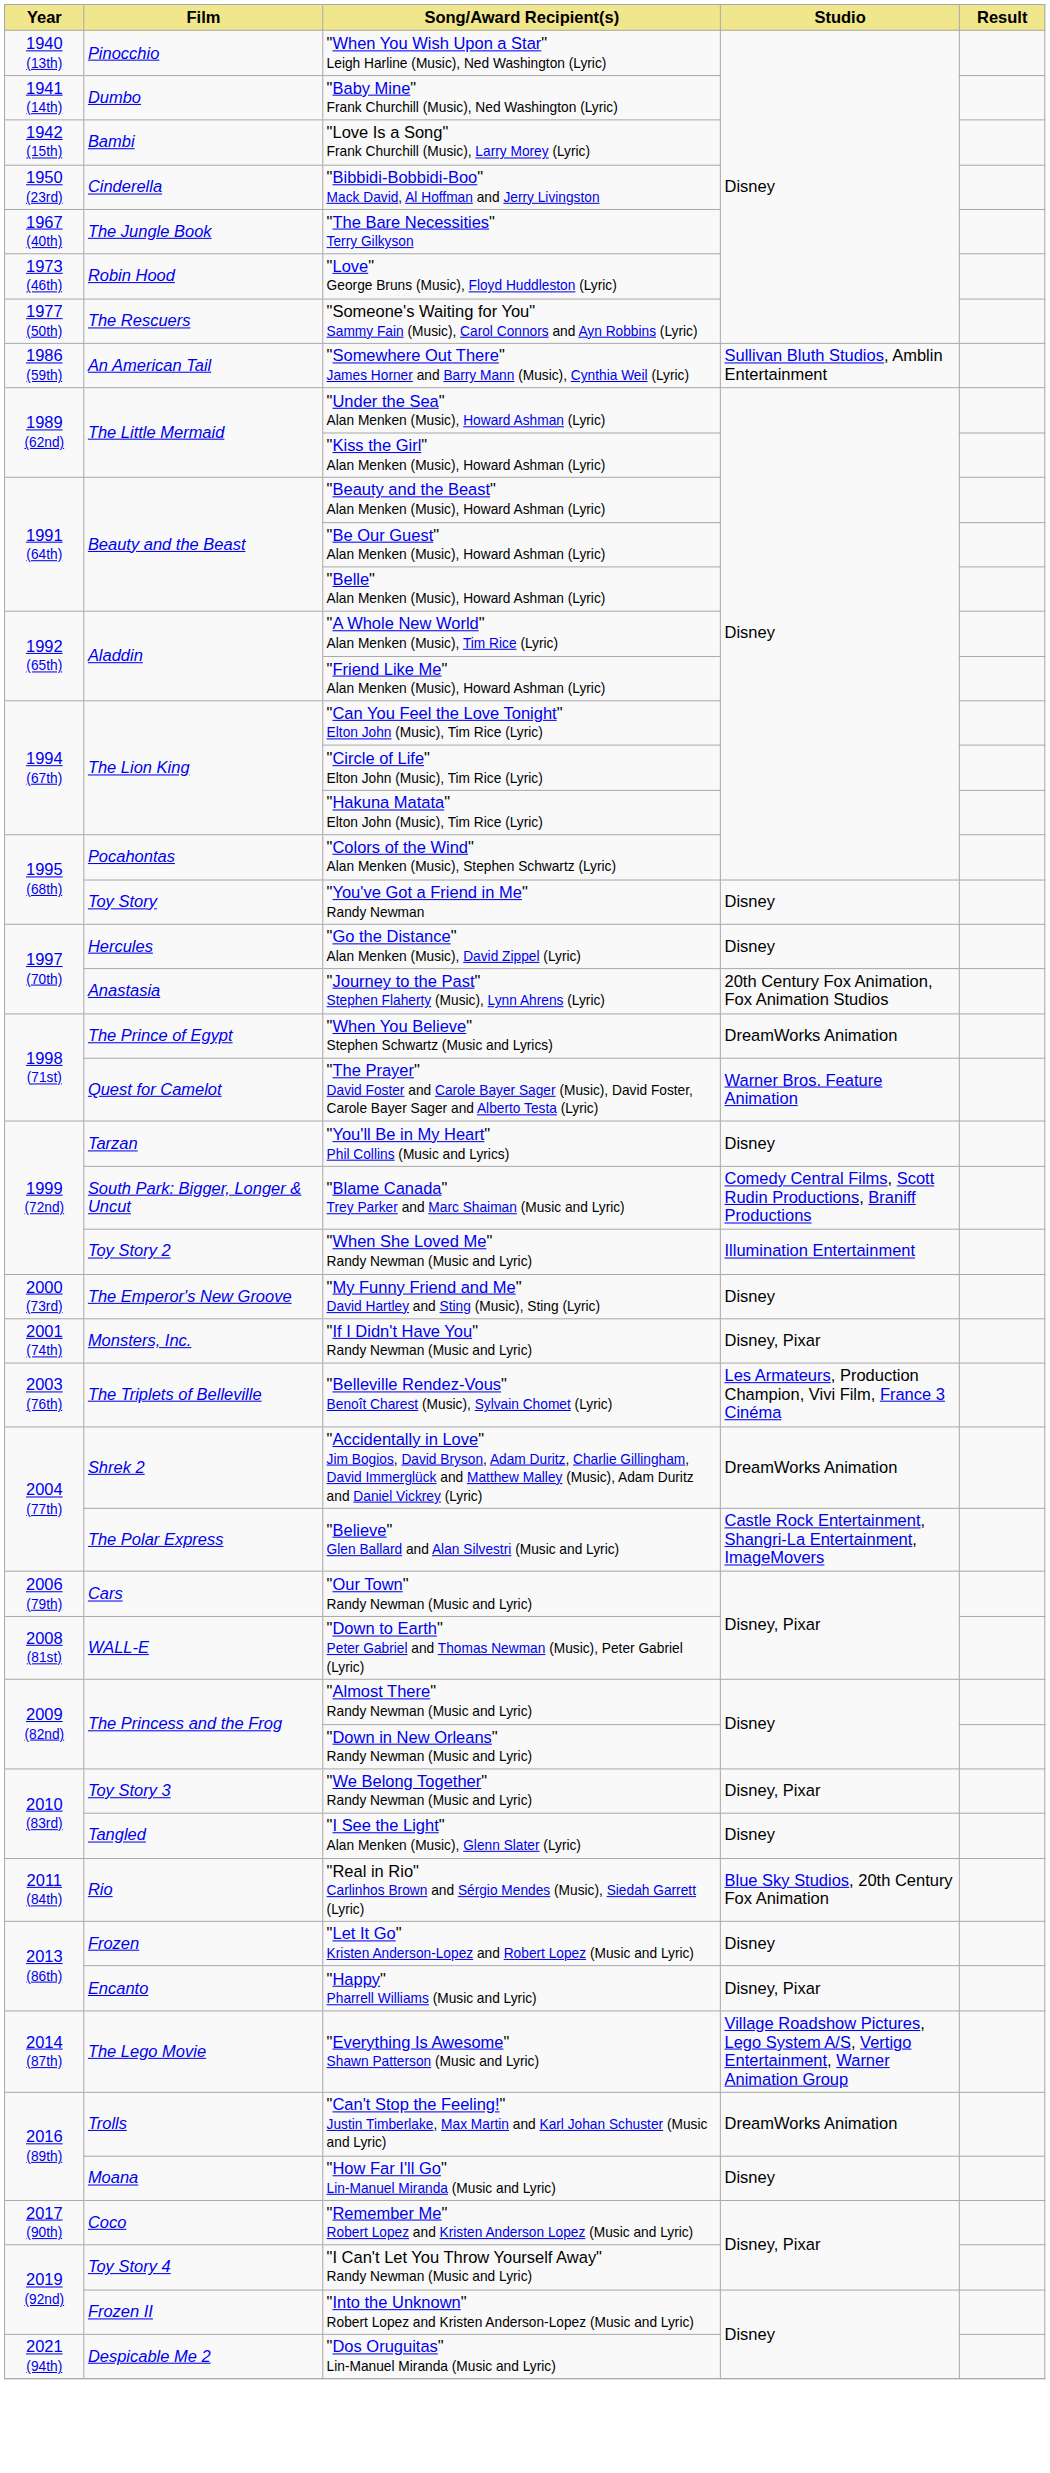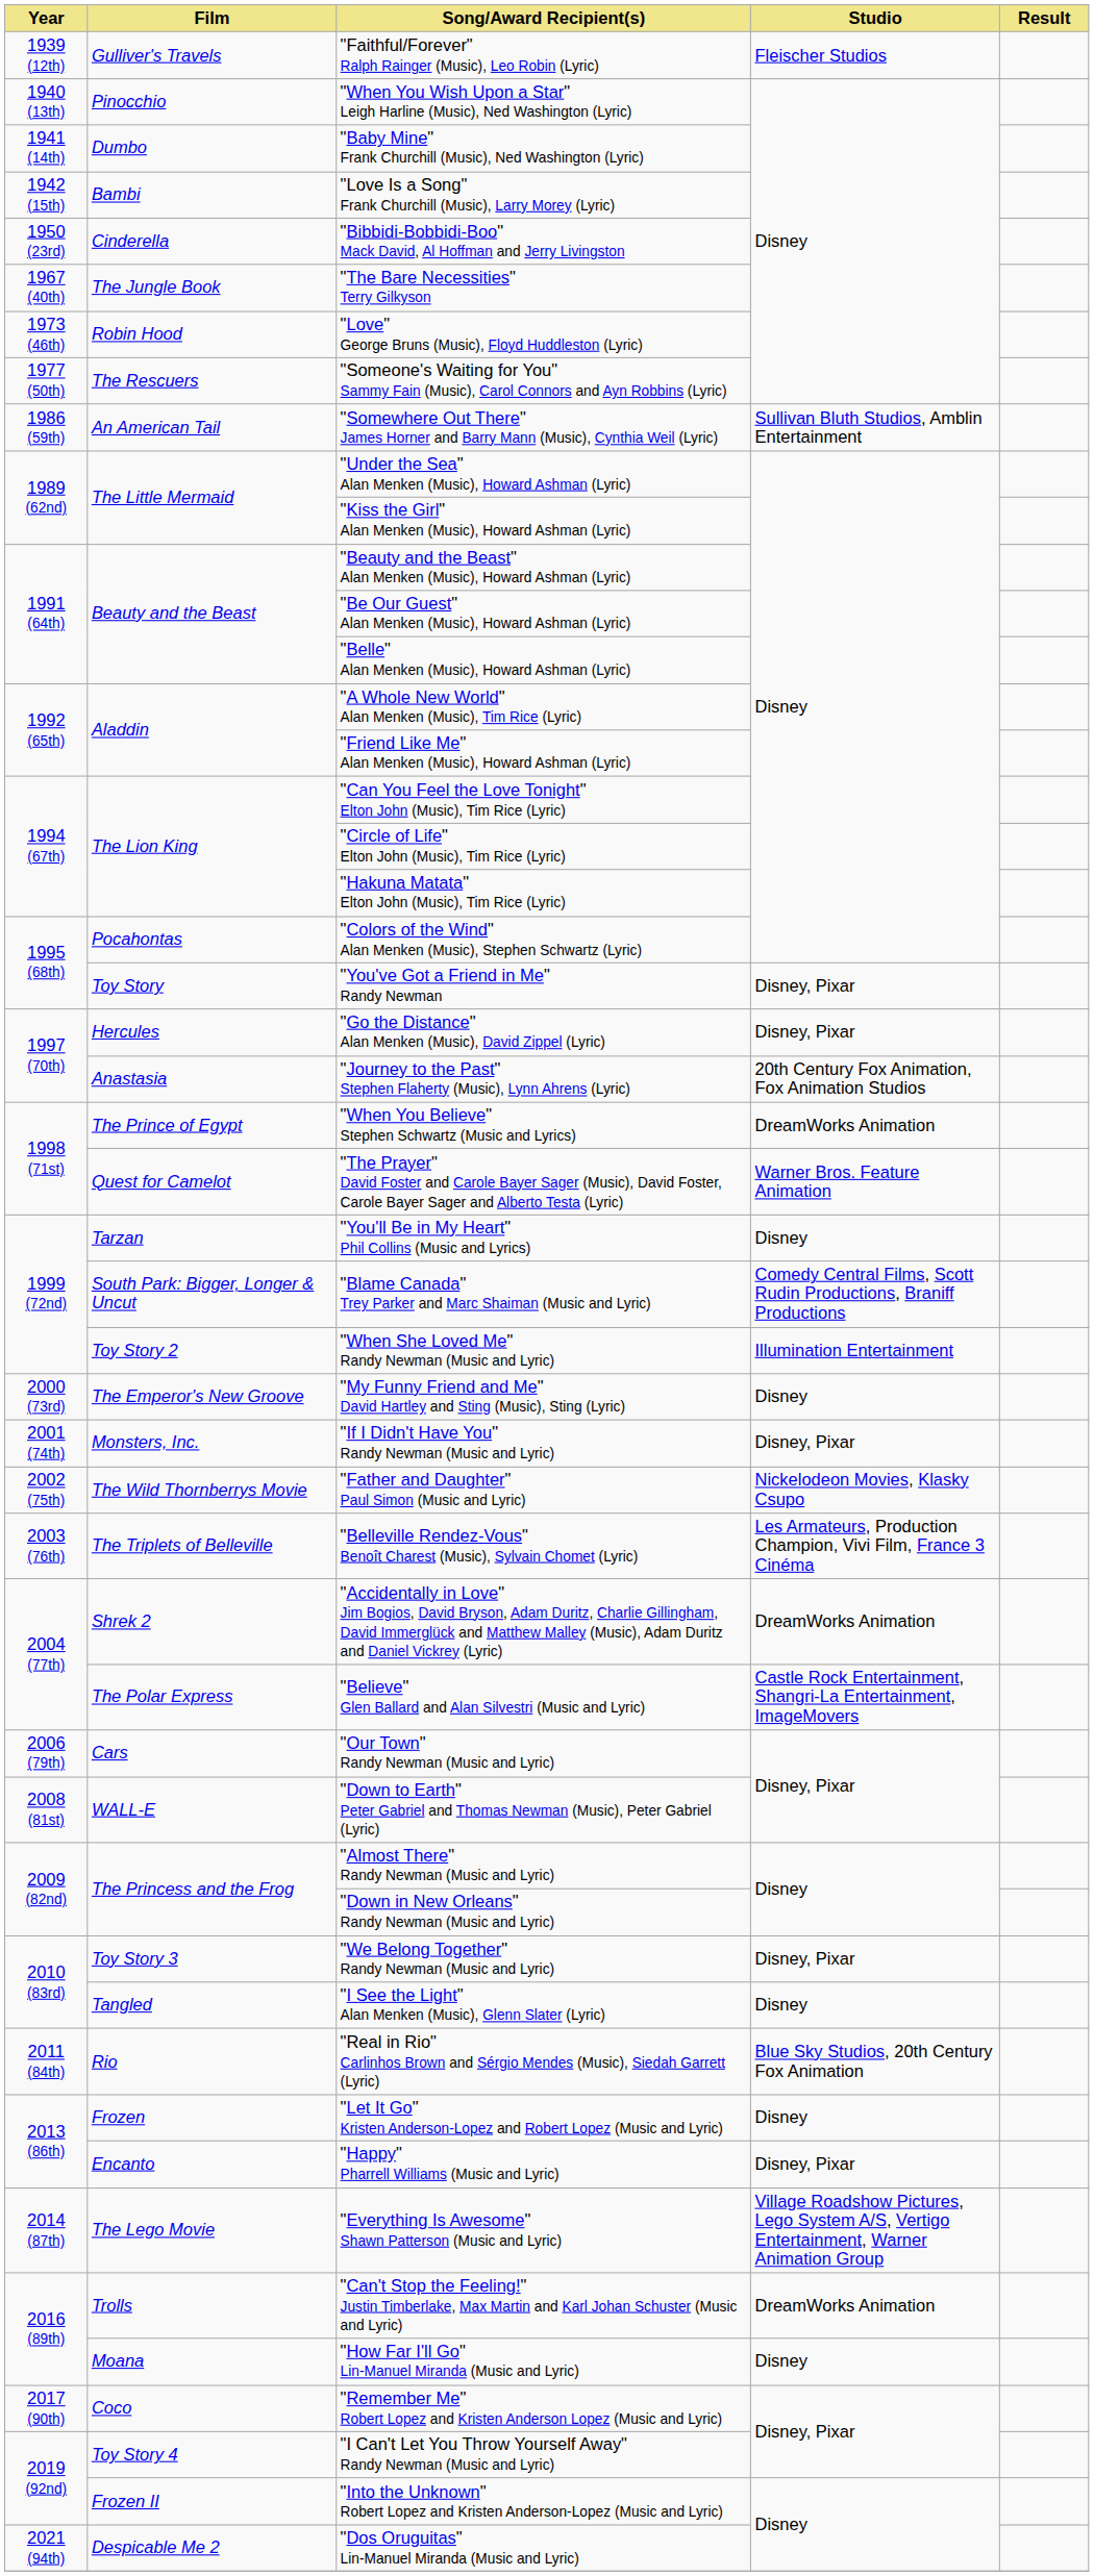 <table class="wikitable" width="80%">
 <tr>
 <th width="5%" style="background:#F0E68C">Year</th>
 <th width="15%" style="background:#F0E68C">Film</th>
 <th width="25%" style="background:#F0E68C">Song/Award Recipient(s)</th>
 <th width="15%" style="background:#F0E68C">Studio</th>
 <th width="5%" style="background:#F0E68C">Result</th>
+</tr>
+<tr>
+<td align="center"><a href='#'>1939</a><br><small><a href='#'>(12th)</a></small></td>
+<td><em><a href='#'>Gulliver's Travels</a></em></td>
+<td>"Faithful/Forever" <br><small><a href='#'>Ralph Rainger</a> (Music), <a href='#'>Leo Robin</a> (Lyric)</small></td>
+<td><a href='#'>Fleischer Studios</a></td>
+<td></td>
 </tr>
 <tr>
 <td align="center"><a href='#'>1940</a><br><small><a href='#'>(13th)</a></small></td>
 <td><em><a href='#'>Pinocchio</a></em></td>
 <td>"<a href='#'>When You Wish Upon a Star</a>" <br><small>Leigh Harline (Music), Ned Washington (Lyric)</small></td>
 <td rowspan="7">Disney</td>
 <td></td>
 </tr>
 <tr>
 <td align="center"><a href='#'>1941</a><br><small><a href='#'>(14th)</a></small></td>
 <td><em><a href='#'>Dumbo</a></em></td>
 <td>"<a href='#'>Baby Mine</a>" <br><small>Frank Churchill (Music), Ned Washington (Lyric)</small></td>
 <td></td>
 </tr>
 <tr>
 <td align="center"><a href='#'>1942</a><br><small><a href='#'>(15th)</a></small></td>
 <td><em><a href='#'>Bambi</a></em></td>
 <td>"Love Is a Song" <br><small>Frank Churchill (Music), <a href='#'>Larry Morey</a> (Lyric)</small></td>
 <td></td>
 </tr>
 <tr>
 <td align="center"><a href='#'>1950</a><br><small><a href='#'>(23rd)</a></small></td>
 <td><em><a href='#'>Cinderella</a></em></td>
 <td>"<a href='#'>Bibbidi-Bobbidi-Boo</a>" <br><small><a href='#'>Mack David</a>, <a href='#'>Al Hoffman</a> and <a href='#'>Jerry Livingston</a></small></td>
 <td></td>
 </tr>
 <tr>
 <td align="center"><a href='#'>1967</a><br><small><a href='#'>(40th)</a></small></td>
 <td><em><a href='#'>The Jungle Book</a></em></td>
 <td>"<a href='#'>The Bare Necessities</a>" <br><small><a href='#'>Terry Gilkyson</a></small></td>
 <td></td>
 </tr>
 <tr>
 <td align="center"><a href='#'>1973</a><br><small><a href='#'>(46th)</a></small></td>
 <td><em><a href='#'>Robin Hood</a></em></td>
 <td>"<a href='#'>Love</a>" <br><small>George Bruns (Music), <a href='#'>Floyd Huddleston</a> (Lyric)</small></td>
 <td></td>
 </tr>
 <tr>
 <td align="center"><a href='#'>1977</a><br><small><a href='#'>(50th)</a></small></td>
 <td><em><a href='#'>The Rescuers</a></em></td>
 <td>"Someone's Waiting for You" <br><small><a href='#'>Sammy Fain</a> (Music), <a href='#'>Carol Connors</a> and <a href='#'>Ayn Robbins</a> (Lyric)</small></td>
 <td></td>
 </tr>
 <tr>
 <td align="center"><a href='#'>1986</a><br><small><a href='#'>(59th)</a></small></td>
 <td><em><a href='#'>An American Tail</a></em></td>
 <td>"<a href='#'>Somewhere Out There</a>" <br><small><a href='#'>James Horner</a> and <a href='#'>Barry Mann</a> (Music), <a href='#'>Cynthia Weil</a> (Lyric)</small></td>
 <td><a href='#'>Sullivan Bluth Studios</a>, Amblin Entertainment</td>
 <td></td>
 </tr>
 <tr>
 <td rowspan=2 align="center"><a href='#'>1989</a><br><small><a href='#'>(62nd)</a></small></td>
 <td rowspan=2><em><a href='#'>The Little Mermaid</a></em></td>
 <td>"<a href='#'>Under the Sea</a>" <br><small>Alan Menken (Music), <a href='#'>Howard Ashman</a> (Lyric)</small></td>
 <td rowspan="11">Disney</td>
 <td></td>
 </tr>
 <tr>
 <td>"<a href='#'>Kiss the Girl</a>" <br><small>Alan Menken (Music), Howard Ashman (Lyric)</small></td>
 <td></td>
 </tr>
 <tr>
 <td rowspan=3 align="center"><a href='#'>1991</a><br><small><a href='#'>(64th)</a></small></td>
 <td rowspan=3><em><a href='#'>Beauty and the Beast</a></em></td>
 <td>"<a href='#'>Beauty and the Beast</a>" <br><small> Alan Menken (Music), Howard Ashman (Lyric)</small></td>
 <td></td>
 </tr>
 <tr>
 <td>"<a href='#'>Be Our Guest</a>" <br><small>Alan Menken (Music), Howard Ashman (Lyric)</small></td>
 <td></td>
 </tr>
 <tr>
 <td>"<a href='#'>Belle</a>" <br><small>Alan Menken (Music), Howard Ashman (Lyric)</small></td>
 <td></td>
 </tr>
 <tr>
 <td rowspan=2 align="center"><a href='#'>1992</a><br><small><a href='#'>(65th)</a></small></td>
 <td rowspan=2><em><a href='#'>Aladdin</a></em></td>
 <td>"<a href='#'>A Whole New World</a>" <br><small> Alan Menken (Music), <a href='#'>Tim Rice</a> (Lyric)</small></td>
 <td></td>
 </tr>
 <tr>
 <td>"<a href='#'>Friend Like Me</a>" <br><small>Alan Menken (Music), Howard Ashman (Lyric)</small></td>
 <td></td>
 </tr>
 <tr>
 <td rowspan=3 align="center"><a href='#'>1994</a><br><small><a href='#'>(67th)</a></small></td>
 <td rowspan=3><em><a href='#'>The Lion King</a></em></td>
 <td>"<a href='#'>Can You Feel the Love Tonight</a>" <br><small> <a href='#'>Elton John</a> (Music), Tim Rice (Lyric)</small></td>
 <td></td>
 </tr>
 <tr>
 <td>"<a href='#'>Circle of Life</a>" <br><small>Elton John (Music), Tim Rice (Lyric)</small></td>
 <td></td>
 </tr>
 <tr>
 <td>"<a href='#'>Hakuna Matata</a>" <br><small>Elton John (Music), Tim Rice (Lyric)</small></td>
 <td></td>
 </tr>
 <tr>
 <td rowspan=2 align="center"><a href='#'>1995</a><br><small><a href='#'>(68th)</a></small></td>
 <td><em><a href='#'>Pocahontas</a></em></td>
 <td>"<a href='#'>Colors of the Wind</a>" <br><small> Alan Menken (Music), Stephen Schwartz (Lyric)</small></td>
 <td></td>
 </tr>
 <tr>
 <td><em><a href='#'>Toy Story</a></em></td>
 <td>"<a href='#'>You've Got a Friend in Me</a>" <br><small>Randy Newman</small></td>
-<td>Disney</td>
+<td>Disney, Pixar</td>
 <td></td>
 </tr>
 <tr>
 <td rowspan=2 align="center"><a href='#'>1997</a><br><small><a href='#'>(70th)</a></small></td>
 <td><em><a href='#'>Hercules</a></em></td>
 <td>"<a href='#'>Go the Distance</a>" <br><small> Alan Menken (Music), <a href='#'>David Zippel</a> (Lyric)</small></td>
-<td>Disney</td>
+<td>Disney, Pixar</td>
 <td></td>
 </tr>
 <tr>
 <td><em><a href='#'>Anastasia</a></em></td>
 <td>"<a href='#'>Journey to the Past</a>" <br><small><a href='#'>Stephen Flaherty</a> (Music), <a href='#'>Lynn Ahrens</a> (Lyric)</small></td>
 <td>20th Century Fox Animation, Fox Animation Studios</td>
 <td></td>
 </tr>
 <tr>
 <td rowspan=2 align="center"><a href='#'>1998</a><br><small><a href='#'>(71st)</a></small></td>
 <td><em><a href='#'>The Prince of Egypt</a></em></td>
 <td>"<a href='#'>When You Believe</a>" <br><small> Stephen Schwartz (Music and Lyrics)</small></td>
 <td>DreamWorks Animation</td>
 <td></td>
 </tr>
 <tr>
 <td><em><a href='#'>Quest for Camelot</a></em></td>
 <td>"<a href='#'>The Prayer</a>" <br><small><a href='#'>David Foster</a> and <a href='#'>Carole Bayer Sager</a> (Music), David Foster, Carole Bayer Sager and <a href='#'>Alberto Testa</a> (Lyric)</small></td>
 <td><a href='#'>Warner Bros. Feature Animation</a></td>
 <td></td>
 </tr>
 <tr>
 <td rowspan=3 align="center"><a href='#'>1999</a><br><small><a href='#'>(72nd)</a></small></td>
 <td><em><a href='#'>Tarzan</a></em></td>
 <td>"<a href='#'>You'll Be in My Heart</a>" <br><small> <a href='#'>Phil Collins</a> (Music and Lyrics)</small></td>
 <td>Disney</td>
 <td></td>
 </tr>
 <tr>
 <td><em><a href='#'>South Park: Bigger, Longer & Uncut</a></em></td>
 <td>"<a href='#'>Blame Canada</a>" <br><small><a href='#'>Trey Parker</a> and <a href='#'>Marc Shaiman</a> (Music and Lyric)</small></td>
 <td><a href='#'>Comedy Central Films</a>, <a href='#'> Scott Rudin Productions</a>, <a href='#'>Braniff Productions</a></td>
 <td></td>
 </tr>
 <tr>
 <td><em><a href='#'>Toy Story 2</a></em></td>
 <td>"<a href='#'>When She Loved Me</a>" <br><small>Randy Newman (Music and Lyric)</small></td>
 <td><a href='#'>Illumination Entertainment</a></td>
 <td></td>
 </tr>
 <tr>
 <td align="center"><a href='#'>2000</a><br><small><a href='#'>(73rd)</a></small></td>
 <td><em><a href='#'>The Emperor's New Groove</a></em></td>
 <td>"<a href='#'>My Funny Friend and Me</a>" <br><small> <a href='#'>David Hartley</a> and <a href='#'>Sting</a> (Music), Sting (Lyric)</small></td>
 <td>Disney</td>
 <td></td>
 </tr>
 <tr>
 <td align="center"><a href='#'>2001</a><br><small><a href='#'>(74th)</a></small></td>
 <td><em><a href='#'>Monsters, Inc.</a></em></td>
 <td>"<a href='#'>If I Didn't Have You</a>" <br><small> Randy Newman (Music and Lyric)</small></td>
 <td>Disney, Pixar</td>
+<td></td>
+</tr>
+<tr>
+<td align="center"><a href='#'>2002</a><br><small><a href='#'>(75th)</a></small></td>
+<td><em><a href='#'>The Wild Thornberrys Movie</a></em></td>
+<td>"<a href='#'>Father and Daughter</a>" <br><small> <a href='#'>Paul Simon</a> (Music and Lyric)</small></td>
+<td><a href='#'>Nickelodeon Movies</a>, <a href='#'>Klasky Csupo</a></td>
 <td></td>
 </tr>
 <tr>
 <td align="center"><a href='#'>2003</a><br><small><a href='#'>(76th)</a></small></td>
 <td><em><a href='#'>The Triplets of Belleville</a></em></td>
 <td>"<a href='#'>Belleville Rendez-Vous</a>" <br><small> <a href='#'>Benoît Charest</a> (Music), <a href='#'>Sylvain Chomet</a> (Lyric)</small></td>
 <td><a href='#'>Les Armateurs</a>, Production Champion, Vivi Film, <a href='#'>France 3 Cinéma</a></td>
 <td></td>
 </tr>
 <tr>
 <td rowspan=2 align="center"><a href='#'>2004</a><br><small><a href='#'>(77th)</a></small></td>
 <td><em><a href='#'>Shrek 2</a></em></td>
 <td>"<a href='#'>Accidentally in Love</a>" <br><small> <a href='#'>Jim Bogios</a>, <a href='#'>David Bryson</a>, <a href='#'>Adam Duritz</a>, <a href='#'>Charlie Gillingham</a>, <a href='#'>David Immerglück</a> and <a href='#'>Matthew Malley</a> (Music), Adam Duritz and <a href='#'>Daniel Vickrey</a> (Lyric) </small></td>
 <td>DreamWorks Animation</td>
 <td></td>
 </tr>
 <tr>
 <td><em><a href='#'>The Polar Express</a></em></td>
 <td>"<a href='#'>Believe</a>" <br><small> <a href='#'>Glen Ballard</a> and <a href='#'>Alan Silvestri</a> (Music and Lyric)</small></td>
 <td><a href='#'>Castle Rock Entertainment</a>, <a href='#'>Shangri-La Entertainment</a>, <a href='#'>ImageMovers</a></td>
 <td></td>
 </tr>
 <tr>
 <td align="center"><a href='#'>2006</a><br><small><a href='#'>(79th)</a></small></td>
 <td><em><a href='#'>Cars</a></em></td>
 <td>"<a href='#'>Our Town</a>" <br><small> Randy Newman (Music and Lyric)</small></td>
 <td rowspan="2">Disney, Pixar</td>
 <td></td>
 </tr>
 <tr>
 <td align="center"><a href='#'>2008</a><br><small><a href='#'>(81st)</a></small></td>
 <td><em><a href='#'>WALL-E</a></em></td>
 <td>"<a href='#'>Down to Earth</a>" <br><small> <a href='#'>Peter Gabriel</a> and <a href='#'>Thomas Newman</a> (Music), Peter Gabriel (Lyric)</small></td>
 <td></td>
 </tr>
 <tr>
 <td rowspan=2 align="center"><a href='#'>2009</a><br><small><a href='#'>(82nd)</a></small></td>
 <td rowspan=2><em><a href='#'>The Princess and the Frog</a></em></td>
 <td>"<a href='#'>Almost There</a>" <br><small> Randy Newman (Music and Lyric)</small></td>
 <td rowspan="2">Disney</td>
 <td></td>
 </tr>
 <tr>
 <td>"<a href='#'>Down in New Orleans</a>" <br><small> Randy Newman (Music and Lyric)</small></td>
 <td></td>
 </tr>
 <tr>
 <td rowspan=2 align="center"><a href='#'>2010</a><br><small><a href='#'>(83rd)</a></small></td>
 <td><em><a href='#'>Toy Story 3</a></em></td>
 <td>"<a href='#'>We Belong Together</a>" <br><small> Randy Newman (Music and Lyric)</small></td>
 <td>Disney, Pixar</td>
 <td></td>
 </tr>
 <tr>
 <td><em><a href='#'>Tangled</a></em></td>
 <td>"<a href='#'>I See the Light</a>" <br><small> Alan Menken (Music), <a href='#'>Glenn Slater</a> (Lyric)</small></td>
 <td>Disney</td>
 <td></td>
 </tr>
 <tr>
 <td align="center"><a href='#'>2011</a><br><small><a href='#'>(84th)</a></small></td>
 <td><em><a href='#'>Rio</a></em></td>
 <td>"Real in Rio" <br><small> <a href='#'>Carlinhos Brown</a> and <a href='#'>Sérgio Mendes</a> (Music), <a href='#'>Siedah Garrett</a> (Lyric)</small></td>
 <td><a href='#'>Blue Sky Studios</a>, 20th Century Fox Animation</td>
 <td></td>
 </tr>
 <tr>
 <td rowspan=2 align="center"><a href='#'>2013</a><br><small><a href='#'>(86th)</a></small></td>
 <td><em><a href='#'>Frozen</a></em></td>
 <td>"<a href='#'>Let It Go</a>" <br><small> <a href='#'>Kristen Anderson-Lopez</a> and <a href='#'>Robert Lopez</a> (Music and Lyric)</small></td>
 <td>Disney</td>
 <td></td>
 </tr>
 <tr>
 <td><em><a href='#'>Encanto</a></em></td>
 <td>"<a href='#'>Happy</a>" <br><small> <a href='#'>Pharrell Williams</a> (Music and Lyric)</small></td>
 <td>Disney, Pixar</td>
 <td></td>
 </tr>
 <tr>
 <td align="center"><a href='#'>2014</a><br><small><a href='#'>(87th)</a></small></td>
 <td><em><a href='#'>The Lego Movie</a></em></td>
 <td>"<a href='#'>Everything Is Awesome</a>" <br><small> <a href='#'>Shawn Patterson</a> (Music and Lyric)</small></td>
 <td><a href='#'>Village Roadshow Pictures</a>, <a href='#'>Lego System A/S</a>, <a href='#'>Vertigo Entertainment</a>, <a href='#'>Warner Animation Group</a></td>
 <td></td>
 </tr>
 <tr>
 <td rowspan=2 align="center"><a href='#'>2016</a><br><small><a href='#'>(89th)</a></small></td>
 <td><em><a href='#'>Trolls</a></em></td>
 <td>"<a href='#'>Can't Stop the Feeling!</a>" <br><small> <a href='#'>Justin Timberlake</a>, <a href='#'>Max Martin</a> and <a href='#'>Karl Johan Schuster</a> (Music and Lyric)</small></td>
 <td>DreamWorks Animation</td>
 <td></td>
 </tr>
 <tr>
 <td><em><a href='#'>Moana</a></em></td>
 <td>"<a href='#'>How Far I'll Go</a>" <br><small> <a href='#'>Lin-Manuel Miranda</a> (Music and Lyric)</small></td>
 <td>Disney</td>
 <td></td>
 </tr>
 <tr>
 <td align = "center"><a href='#'>2017</a><br> <small><a href='#'>(90th)</a></small></td>
 <td><em><a href='#'>Coco</a></em></td>
 <td>"<a href='#'>Remember Me</a>" <br><small> <a href='#'>Robert Lopez</a> and <a href='#'>Kristen Anderson Lopez</a> (Music and Lyric)</small></td>
 <td rowspan="2">Disney, Pixar</td>
 <td></td>
 </tr>
 <tr>
 <td rowspan=2 align = "center"><a href='#'>2019</a><br> <small><a href='#'>(92nd)</a></small></td>
 <td><em><a href='#'>Toy Story 4</a></em></td>
 <td>"I Can't Let You Throw Yourself Away" <br><small> Randy Newman (Music and Lyric)</small></td>
 <td></td>
 </tr>
 <tr>
 <td><em><a href='#'>Frozen II</a></em></td>
 <td>"<a href='#'>Into the Unknown</a>" <br><small> Robert Lopez and Kristen Anderson-Lopez (Music and Lyric)</small></td>
 <td rowspan="2">Disney</td>
 <td></td>
 </tr>
 <tr>
 <td align = "center"><a href='#'>2021</a><br> <small><a href='#'>(94th)</a></small></td>
 <td><em><a href='#'>Despicable Me 2</a></em></td>
 <td>"<a href='#'>Dos Oruguitas</a>" <br><small> Lin-Manuel Miranda (Music and Lyric)</small></td>
 <td></td>
 </tr>
 <tr>
 </tr>
 </table>
